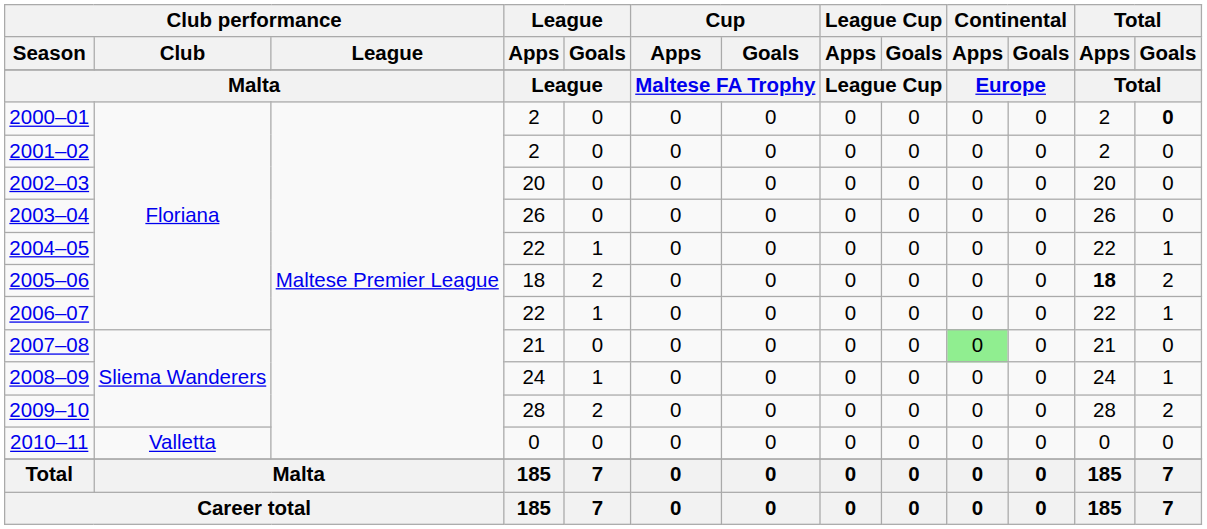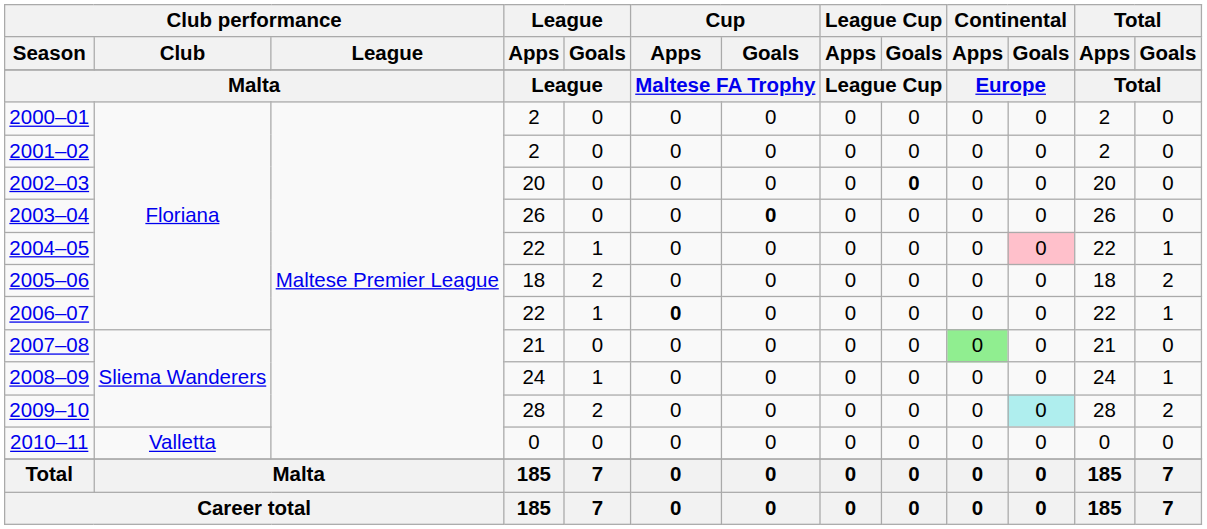 <table class="wikitable" style="text-align:center">
 <tr>
 <th colspan=3>Club performance</th>
 <th colspan=2>League</th>
 <th colspan=2>Cup</th>
 <th colspan=2>League Cup</th>
 <th colspan=2>Continental</th>
 <th colspan=2>Total</th>
 </tr>
 <tr>
 <th>Season</th>
 <th>Club</th>
 <th>League</th>
 <th>Apps</th>
 <th>Goals</th>
 <th>Apps</th>
 <th>Goals</th>
 <th>Apps</th>
 <th>Goals</th>
 <th>Apps</th>
 <th>Goals</th>
 <th>Apps</th>
 <th>Goals</th>
 </tr>
 <tr>
 </tr>
 <tr>
 <th colspan=3>Malta</th>
 <th colspan=2>League</th>
 <th colspan=2><a href='#'>Maltese FA Trophy</a></th>
 <th colspan=2>League Cup</th>
 <th colspan=2><a href='#'>Europe</a></th>
 <th colspan=2>Total</th>
 </tr>
 <tr>
 <td><a href='#'>2000–01</a></td>
 <td rowspan="7"><a href='#'>Floriana</a></td>
 <td rowspan="11"><a href='#'>Maltese Premier League</a></td>
 <td>2</td>
 <td>0</td>
 <td>0</td>
 <td>0</td>
 <td>0</td>
 <td>0</td>
 <td>0</td>
 <td>0</td>
 <td>2</td>
-<td><strong>0</strong></td>
+<td>0</td>
 </tr>
 <tr>
 <td><a href='#'>2001–02</a></td>
 <td>2</td>
 <td>0</td>
 <td>0</td>
 <td>0</td>
 <td>0</td>
 <td>0</td>
 <td>0</td>
 <td>0</td>
 <td>2</td>
 <td>0</td>
 </tr>
 <tr>
 <td><a href='#'>2002–03</a></td>
 <td>20</td>
 <td>0</td>
 <td>0</td>
 <td>0</td>
 <td>0</td>
-<td>0</td>
+<td><strong>0</strong></td>
 <td>0</td>
 <td>0</td>
 <td>20</td>
 <td>0</td>
 </tr>
 <tr>
 <td><a href='#'>2003–04</a></td>
 <td>26</td>
 <td>0</td>
 <td>0</td>
-<td>0</td>
+<td><strong>0</strong></td>
 <td>0</td>
 <td>0</td>
 <td>0</td>
 <td>0</td>
 <td>26</td>
 <td>0</td>
 </tr>
 <tr>
 <td><a href='#'>2004–05</a></td>
 <td>22</td>
 <td>1</td>
 <td>0</td>
 <td>0</td>
 <td>0</td>
 <td>0</td>
 <td>0</td>
-<td>0</td>
+<td style="background: pink;">0</td>
 <td>22</td>
 <td>1</td>
 </tr>
 <tr>
 <td><a href='#'>2005–06</a></td>
 <td>18</td>
 <td>2</td>
 <td>0</td>
 <td>0</td>
 <td>0</td>
 <td>0</td>
 <td>0</td>
 <td>0</td>
-<td><strong>18</strong></td>
+<td>18</td>
 <td>2</td>
 </tr>
 <tr>
 <td><a href='#'>2006–07</a></td>
 <td>22</td>
 <td>1</td>
-<td>0</td>
+<td><strong>0</strong></td>
 <td>0</td>
 <td>0</td>
 <td>0</td>
 <td>0</td>
 <td>0</td>
 <td>22</td>
 <td>1</td>
 </tr>
 <tr>
 <td><a href='#'>2007–08</a></td>
 <td rowspan="3"><a href='#'>Sliema Wanderers</a></td>
 <td>21</td>
 <td>0</td>
 <td>0</td>
 <td>0</td>
 <td>0</td>
 <td>0</td>
 <td style="background: lightgreen;">0</td>
 <td>0</td>
 <td>21</td>
 <td>0</td>
 </tr>
 <tr>
 <td><a href='#'>2008–09</a></td>
 <td>24</td>
 <td>1</td>
 <td>0</td>
 <td>0</td>
 <td>0</td>
 <td>0</td>
 <td>0</td>
 <td>0</td>
 <td>24</td>
 <td>1</td>
 </tr>
 <tr>
 <td><a href='#'>2009–10</a></td>
 <td>28</td>
 <td>2</td>
 <td>0</td>
 <td>0</td>
 <td>0</td>
 <td>0</td>
 <td>0</td>
-<td>0</td>
+<td style="background: paleturquoise;">0</td>
 <td>28</td>
 <td>2</td>
 </tr>
 <tr>
 <td><a href='#'>2010–11</a></td>
 <td rowspan="1"><a href='#'>Valletta</a></td>
 <td>0</td>
 <td>0</td>
 <td>0</td>
 <td>0</td>
 <td>0</td>
 <td>0</td>
 <td>0</td>
 <td>0</td>
 <td>0</td>
 <td>0</td>
 </tr>
 <tr>
 </tr>
 <tr>
 <th rowspan=1>Total</th>
 <th colspan=2>Malta</th>
 <th>185</th>
 <th>7</th>
 <th>0</th>
 <th>0</th>
 <th>0</th>
 <th>0</th>
 <th>0</th>
 <th>0</th>
 <th>185</th>
 <th>7</th>
 </tr>
 <tr>
 <th colspan=3>Career total</th>
 <th>185</th>
 <th>7</th>
 <th>0</th>
 <th>0</th>
 <th>0</th>
 <th>0</th>
 <th>0</th>
 <th>0</th>
 <th>185</th>
 <th>7</th>
 </tr>
 </table>
